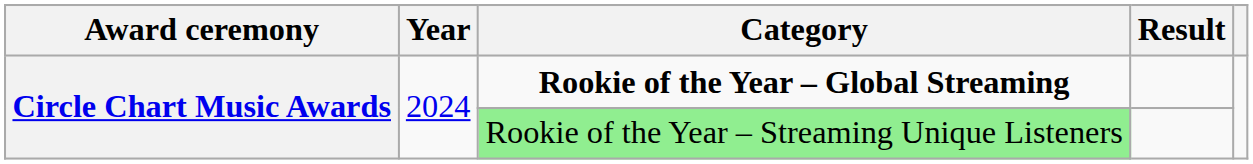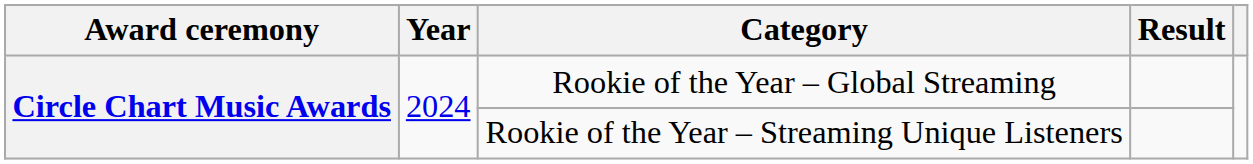 <table class="wikitable plainrowheaders sortable" style="text-align:center">
 <tr>
 <th scope="col">Award ceremony</th>
 <th scope="col">Year</th>
 <th scope="col">Category</th>
 <th scope="col">Result</th>
 <th scope="col" class="unsortable"></th>
 </tr>
 <tr>
 <th scope="row" rowspan="2"><a href='#'>Circle Chart Music Awards</a></th>
 <td rowspan="2"><a href='#'>2024</a></td>
-<td><strong>Rookie of the Year – Global Streaming</strong></td>
+<td>Rookie of the Year – Global Streaming</td>
 <td></td>
 <td rowspan="2"></td>
 </tr>
 <tr>
-<td style="background: lightgreen;">Rookie of the Year – Streaming Unique Listeners</td>
+<td>Rookie of the Year – Streaming Unique Listeners</td>
 <td></td>
 </tr>
 </table>
